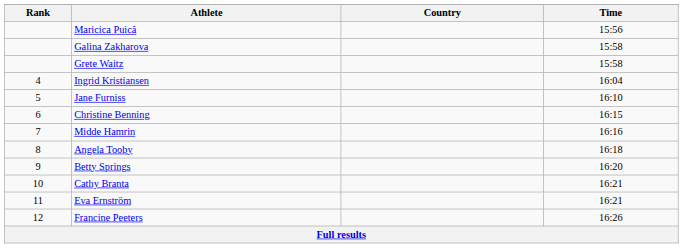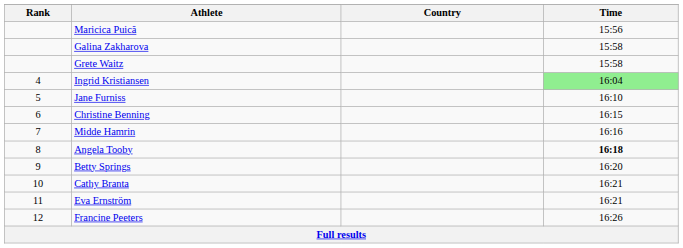 <table class="wikitable sortable" style=" text-align:center; font-size:95%;" width="50%">
 <tr>
 </tr>
 <tr>
 <th width=5%>Rank</th>
 <th width=20%>Athlete</th>
 <th width=15%>Country</th>
 <th width=10%>Time</th>
 </tr>
 <tr>
 <td align=center></td>
 <td align=left><a href='#'>Maricica Puică</a></td>
 <td align=left></td>
 <td>15:56</td>
 </tr>
 <tr>
 <td align=center></td>
 <td align=left><a href='#'>Galina Zakharova</a></td>
 <td align=left></td>
 <td>15:58</td>
 </tr>
 <tr>
 <td align=center></td>
 <td align=left><a href='#'>Grete Waitz</a></td>
 <td align=left></td>
 <td>15:58</td>
 </tr>
 <tr>
 <td align=center>4</td>
 <td align=left><a href='#'>Ingrid Kristiansen</a></td>
 <td align=left></td>
-<td>16:04</td>
+<td style="background: lightgreen;">16:04</td>
 </tr>
 <tr>
 <td align=center>5</td>
 <td align=left><a href='#'>Jane Furniss</a></td>
 <td align=left></td>
 <td>16:10</td>
 </tr>
 <tr>
 <td align=center>6</td>
 <td align=left><a href='#'>Christine Benning</a></td>
 <td align=left></td>
 <td>16:15</td>
 </tr>
 <tr>
 <td align=center>7</td>
 <td align=left><a href='#'>Midde Hamrin</a></td>
 <td align=left></td>
 <td>16:16</td>
 </tr>
 <tr>
 <td align=center>8</td>
 <td align=left><a href='#'>Angela Tooby</a></td>
 <td align=left></td>
-<td>16:18</td>
+<td><strong>16:18</strong></td>
 </tr>
 <tr>
 <td align=center>9</td>
 <td align=left><a href='#'>Betty Springs</a></td>
 <td align=left></td>
 <td>16:20</td>
 </tr>
 <tr>
 <td align=center>10</td>
 <td align=left><a href='#'>Cathy Branta</a></td>
 <td align=left></td>
 <td>16:21</td>
 </tr>
 <tr>
 <td align=center>11</td>
 <td align=left><a href='#'>Eva Ernström</a></td>
 <td align=left></td>
 <td>16:21</td>
 </tr>
 <tr>
 <td align=center>12</td>
 <td align=left><a href='#'>Francine Peeters</a></td>
 <td align=left></td>
 <td>16:26</td>
 </tr>
 <tr class="sortbottom">
 <th colspan=4 align=center><a href='#'>Full results</a></th>
 </tr>
 </table>
